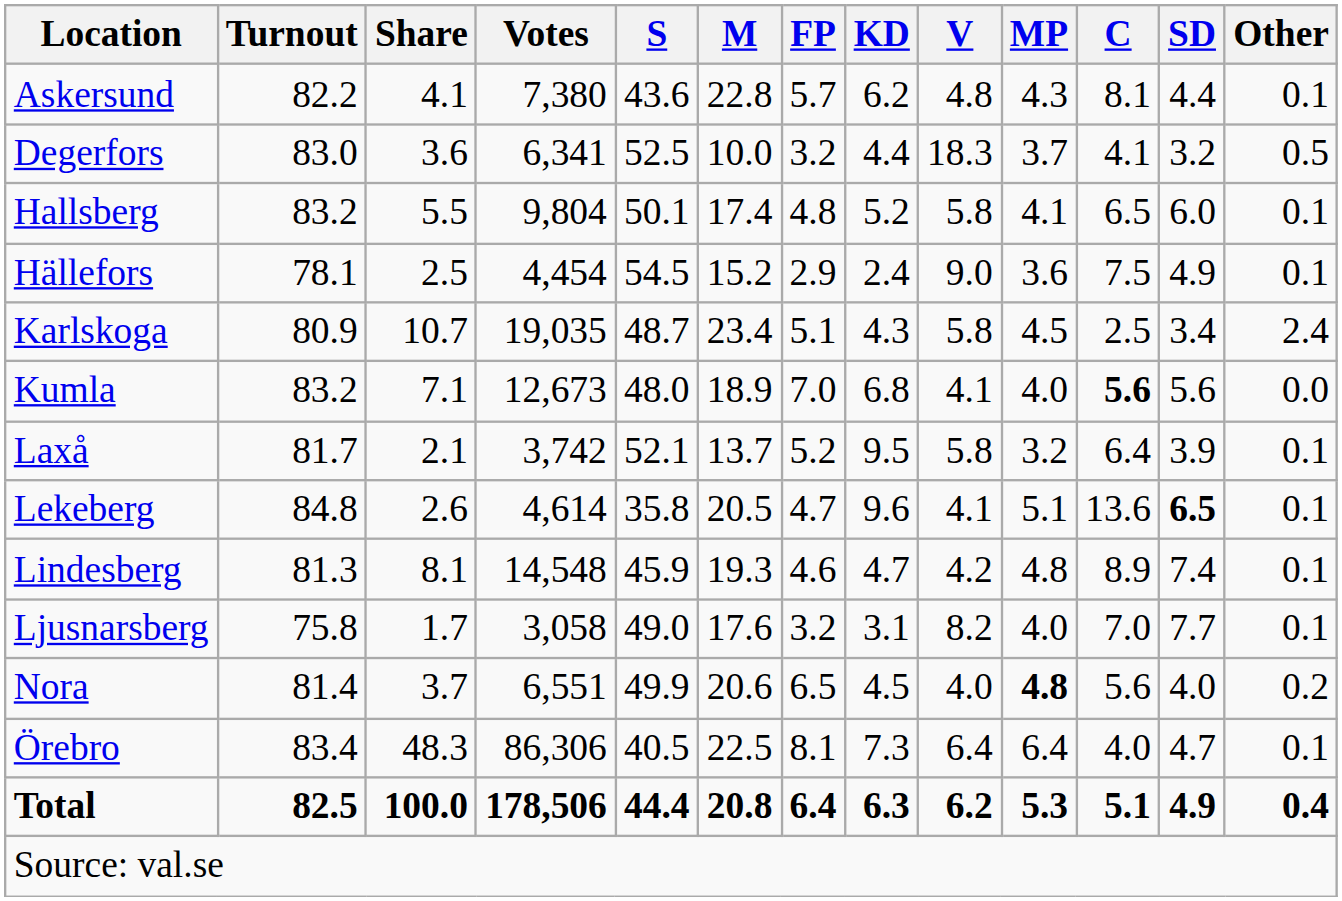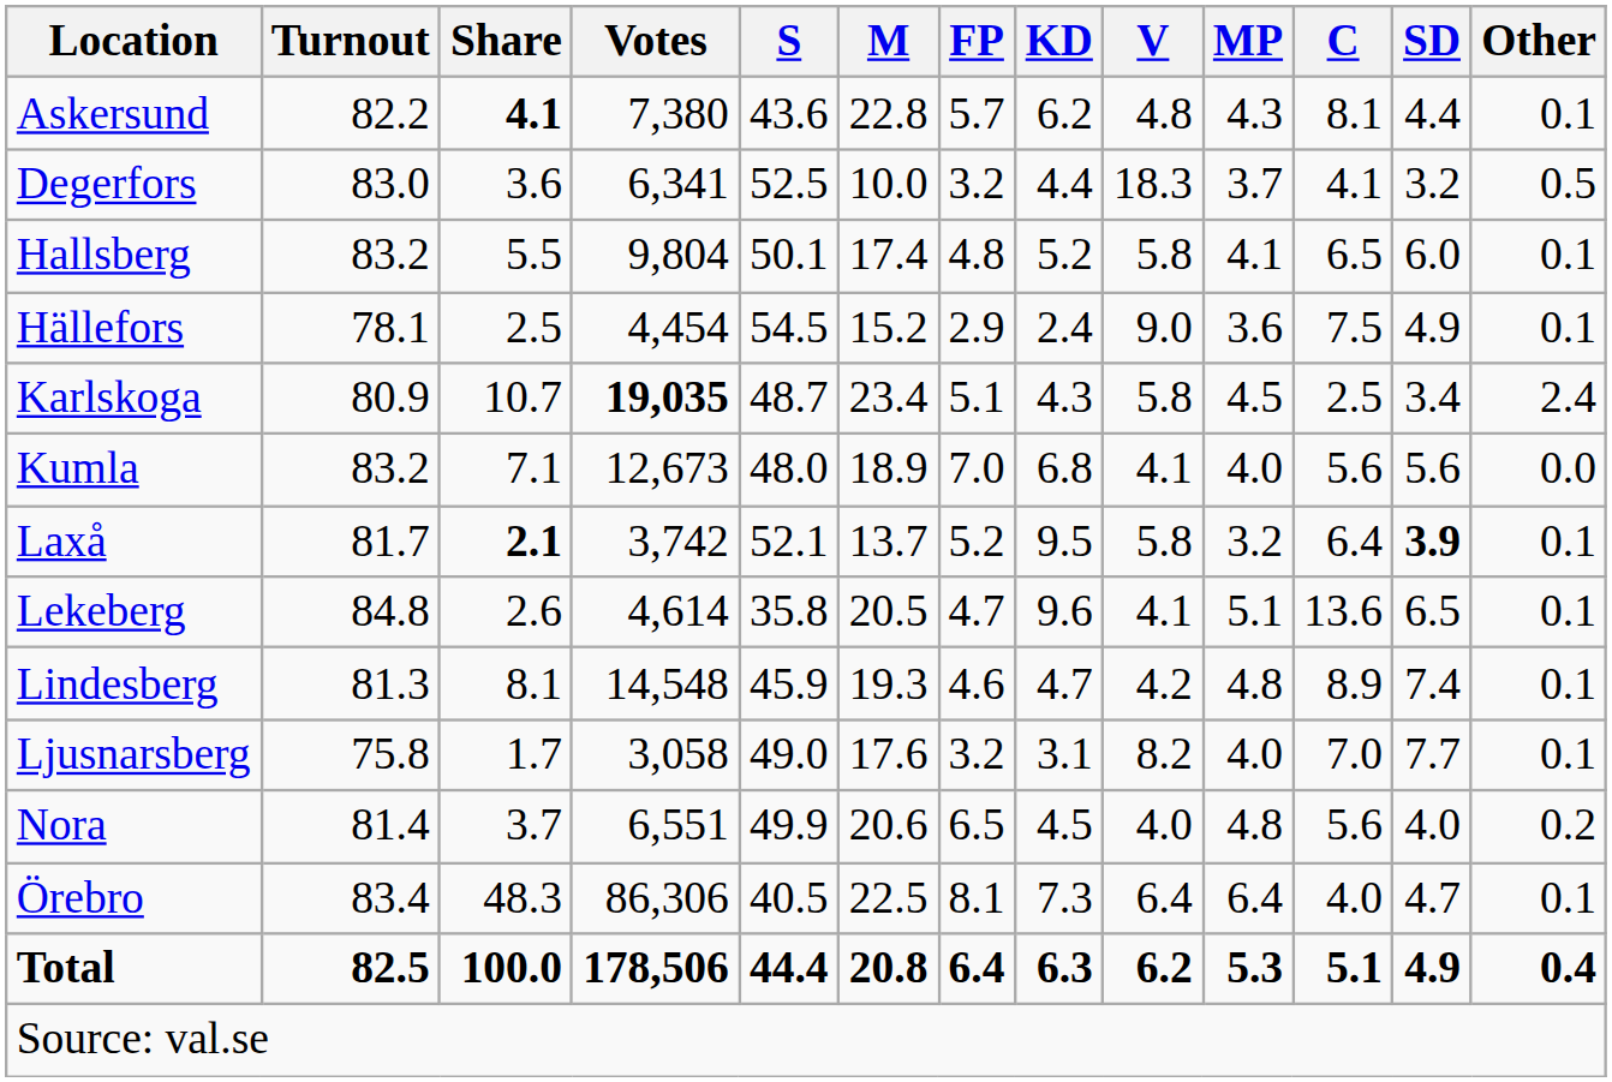 <table class="wikitable sortable" style=text-align:right>
 <tr>
 <th>Location</th>
 <th>Turnout</th>
 <th>Share</th>
 <th>Votes</th>
 <th><a href='#'>S</a></th>
 <th><a href='#'>M</a></th>
 <th><a href='#'>FP</a></th>
 <th><a href='#'>KD</a></th>
 <th><a href='#'>V</a></th>
 <th><a href='#'>MP</a></th>
 <th><a href='#'>C</a></th>
 <th><a href='#'>SD</a></th>
 <th>Other</th>
 </tr>
 <tr>
 <td align=left><a href='#'>Askersund</a></td>
 <td>82.2</td>
-<td>4.1</td>
+<td><strong>4.1</strong></td>
 <td>7,380</td>
 <td>43.6</td>
 <td>22.8</td>
 <td>5.7</td>
 <td>6.2</td>
 <td>4.8</td>
 <td>4.3</td>
 <td>8.1</td>
 <td>4.4</td>
 <td>0.1</td>
 </tr>
 <tr>
 <td align=left><a href='#'>Degerfors</a></td>
 <td>83.0</td>
 <td>3.6</td>
 <td>6,341</td>
 <td>52.5</td>
 <td>10.0</td>
 <td>3.2</td>
 <td>4.4</td>
 <td>18.3</td>
 <td>3.7</td>
 <td>4.1</td>
 <td>3.2</td>
 <td>0.5</td>
 </tr>
 <tr>
 <td align=left><a href='#'>Hallsberg</a></td>
 <td>83.2</td>
 <td>5.5</td>
 <td>9,804</td>
 <td>50.1</td>
 <td>17.4</td>
 <td>4.8</td>
 <td>5.2</td>
 <td>5.8</td>
 <td>4.1</td>
 <td>6.5</td>
 <td>6.0</td>
 <td>0.1</td>
 </tr>
 <tr>
 <td align=left><a href='#'>Hällefors</a></td>
 <td>78.1</td>
 <td>2.5</td>
 <td>4,454</td>
 <td>54.5</td>
 <td>15.2</td>
 <td>2.9</td>
 <td>2.4</td>
 <td>9.0</td>
 <td>3.6</td>
 <td>7.5</td>
 <td>4.9</td>
 <td>0.1</td>
 </tr>
 <tr>
 <td align=left><a href='#'>Karlskoga</a></td>
 <td>80.9</td>
 <td>10.7</td>
-<td>19,035</td>
+<td><strong>19,035</strong></td>
 <td>48.7</td>
 <td>23.4</td>
 <td>5.1</td>
 <td>4.3</td>
 <td>5.8</td>
 <td>4.5</td>
 <td>2.5</td>
 <td>3.4</td>
 <td>2.4</td>
 </tr>
 <tr>
 <td align=left><a href='#'>Kumla</a></td>
 <td>83.2</td>
 <td>7.1</td>
 <td>12,673</td>
 <td>48.0</td>
 <td>18.9</td>
 <td>7.0</td>
 <td>6.8</td>
 <td>4.1</td>
 <td>4.0</td>
-<td><strong>5.6</strong></td>
+<td>5.6</td>
 <td>5.6</td>
 <td>0.0</td>
 </tr>
 <tr>
 <td align=left><a href='#'>Laxå</a></td>
 <td>81.7</td>
-<td>2.1</td>
+<td><strong>2.1</strong></td>
 <td>3,742</td>
 <td>52.1</td>
 <td>13.7</td>
 <td>5.2</td>
 <td>9.5</td>
 <td>5.8</td>
 <td>3.2</td>
 <td>6.4</td>
-<td>3.9</td>
+<td><strong>3.9</strong></td>
 <td>0.1</td>
 </tr>
 <tr>
 <td align=left><a href='#'>Lekeberg</a></td>
 <td>84.8</td>
 <td>2.6</td>
 <td>4,614</td>
 <td>35.8</td>
 <td>20.5</td>
 <td>4.7</td>
 <td>9.6</td>
 <td>4.1</td>
 <td>5.1</td>
 <td>13.6</td>
-<td><strong>6.5</strong></td>
+<td>6.5</td>
 <td>0.1</td>
 </tr>
 <tr>
 <td align=left><a href='#'>Lindesberg</a></td>
 <td>81.3</td>
 <td>8.1</td>
 <td>14,548</td>
 <td>45.9</td>
 <td>19.3</td>
 <td>4.6</td>
 <td>4.7</td>
 <td>4.2</td>
 <td>4.8</td>
 <td>8.9</td>
 <td>7.4</td>
 <td>0.1</td>
 </tr>
 <tr>
 <td align=left><a href='#'>Ljusnarsberg</a></td>
 <td>75.8</td>
 <td>1.7</td>
 <td>3,058</td>
 <td>49.0</td>
 <td>17.6</td>
 <td>3.2</td>
 <td>3.1</td>
 <td>8.2</td>
 <td>4.0</td>
 <td>7.0</td>
 <td>7.7</td>
 <td>0.1</td>
 </tr>
 <tr>
 <td align=left><a href='#'>Nora</a></td>
 <td>81.4</td>
 <td>3.7</td>
 <td>6,551</td>
 <td>49.9</td>
 <td>20.6</td>
 <td>6.5</td>
 <td>4.5</td>
 <td>4.0</td>
-<td><strong>4.8</strong></td>
+<td>4.8</td>
 <td>5.6</td>
 <td>4.0</td>
 <td>0.2</td>
 </tr>
 <tr>
 <td align=left><a href='#'>Örebro</a></td>
 <td>83.4</td>
 <td>48.3</td>
 <td>86,306</td>
 <td>40.5</td>
 <td>22.5</td>
 <td>8.1</td>
 <td>7.3</td>
 <td>6.4</td>
 <td>6.4</td>
 <td>4.0</td>
 <td>4.7</td>
 <td>0.1</td>
 </tr>
 <tr>
 <td align=left><strong>Total</strong></td>
 <td><strong>82.5</strong></td>
 <td><strong>100.0</strong></td>
 <td><strong>178,506</strong></td>
 <td><strong>44.4</strong></td>
 <td><strong>20.8</strong></td>
 <td><strong>6.4</strong></td>
 <td><strong>6.3</strong></td>
 <td><strong>6.2</strong></td>
 <td><strong>5.3</strong></td>
 <td><strong>5.1</strong></td>
 <td><strong>4.9</strong></td>
 <td><strong>0.4</strong></td>
 </tr>
 <tr>
 <td align=left colspan=13>Source: val.se</td>
 </tr>
 </table>
